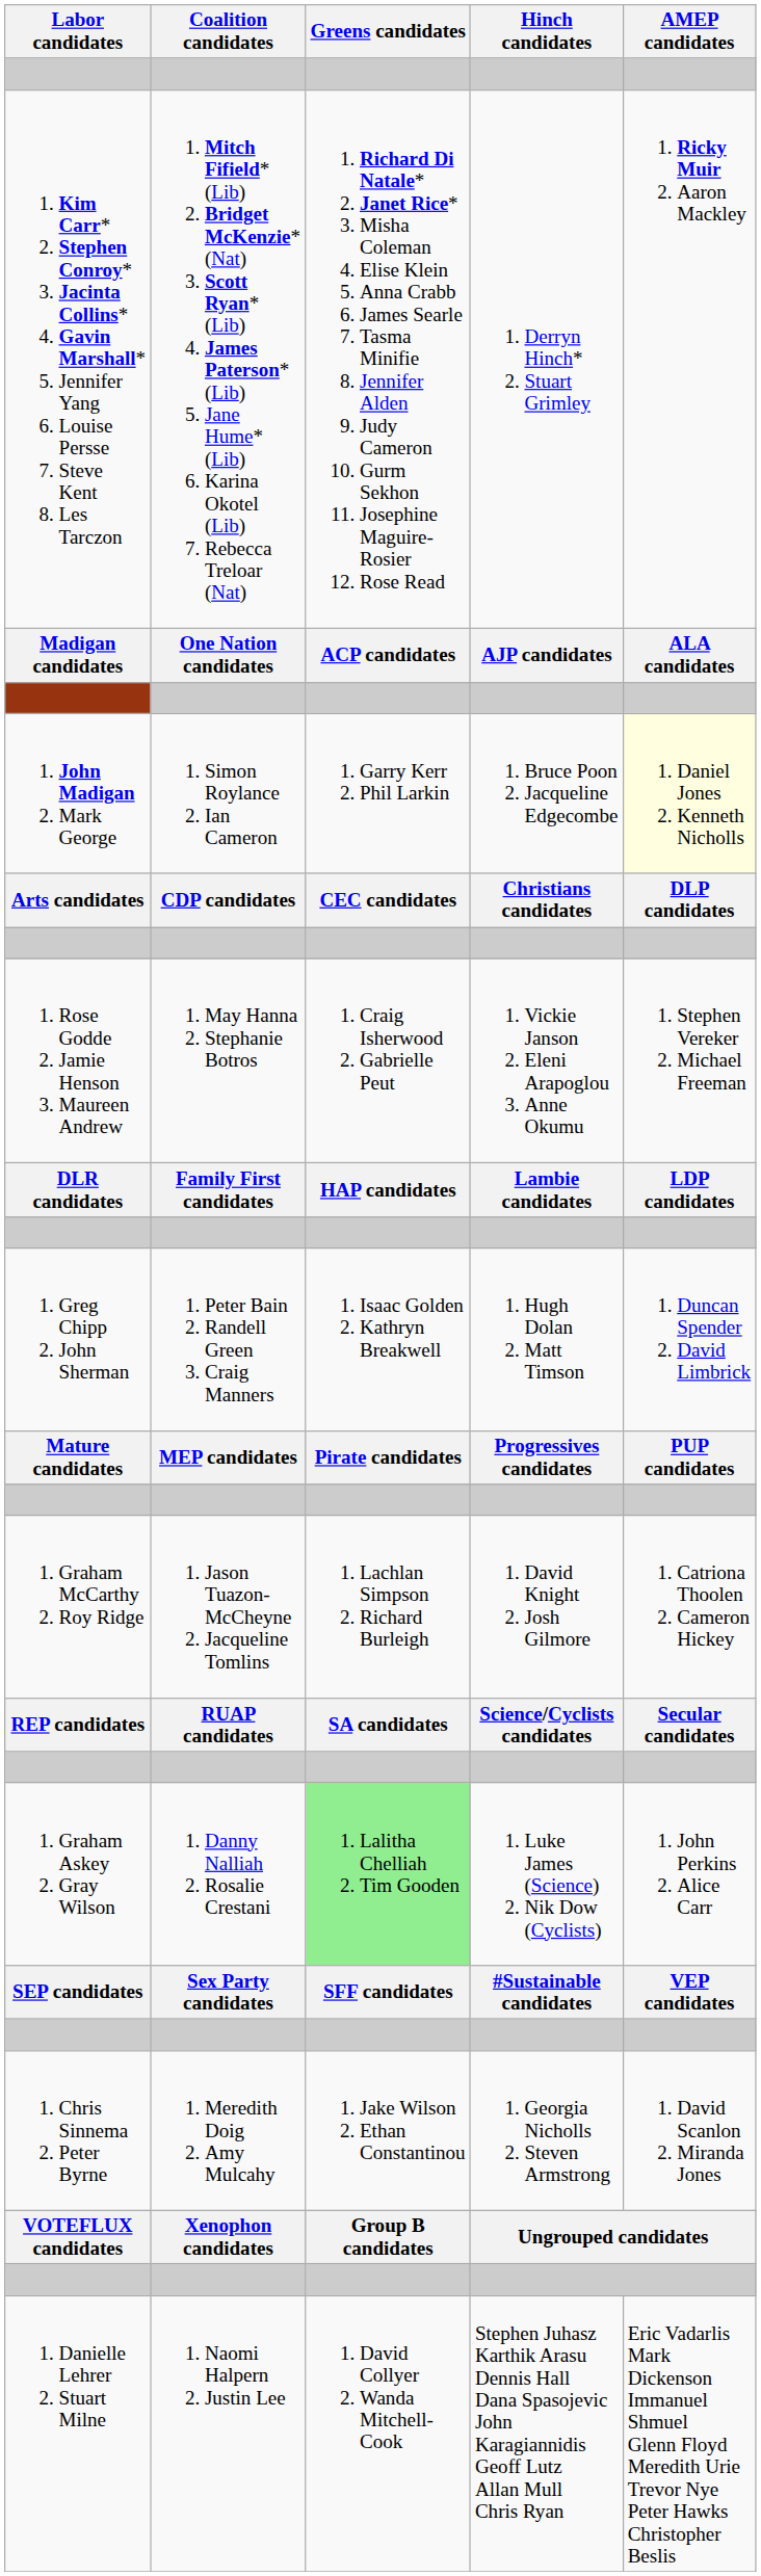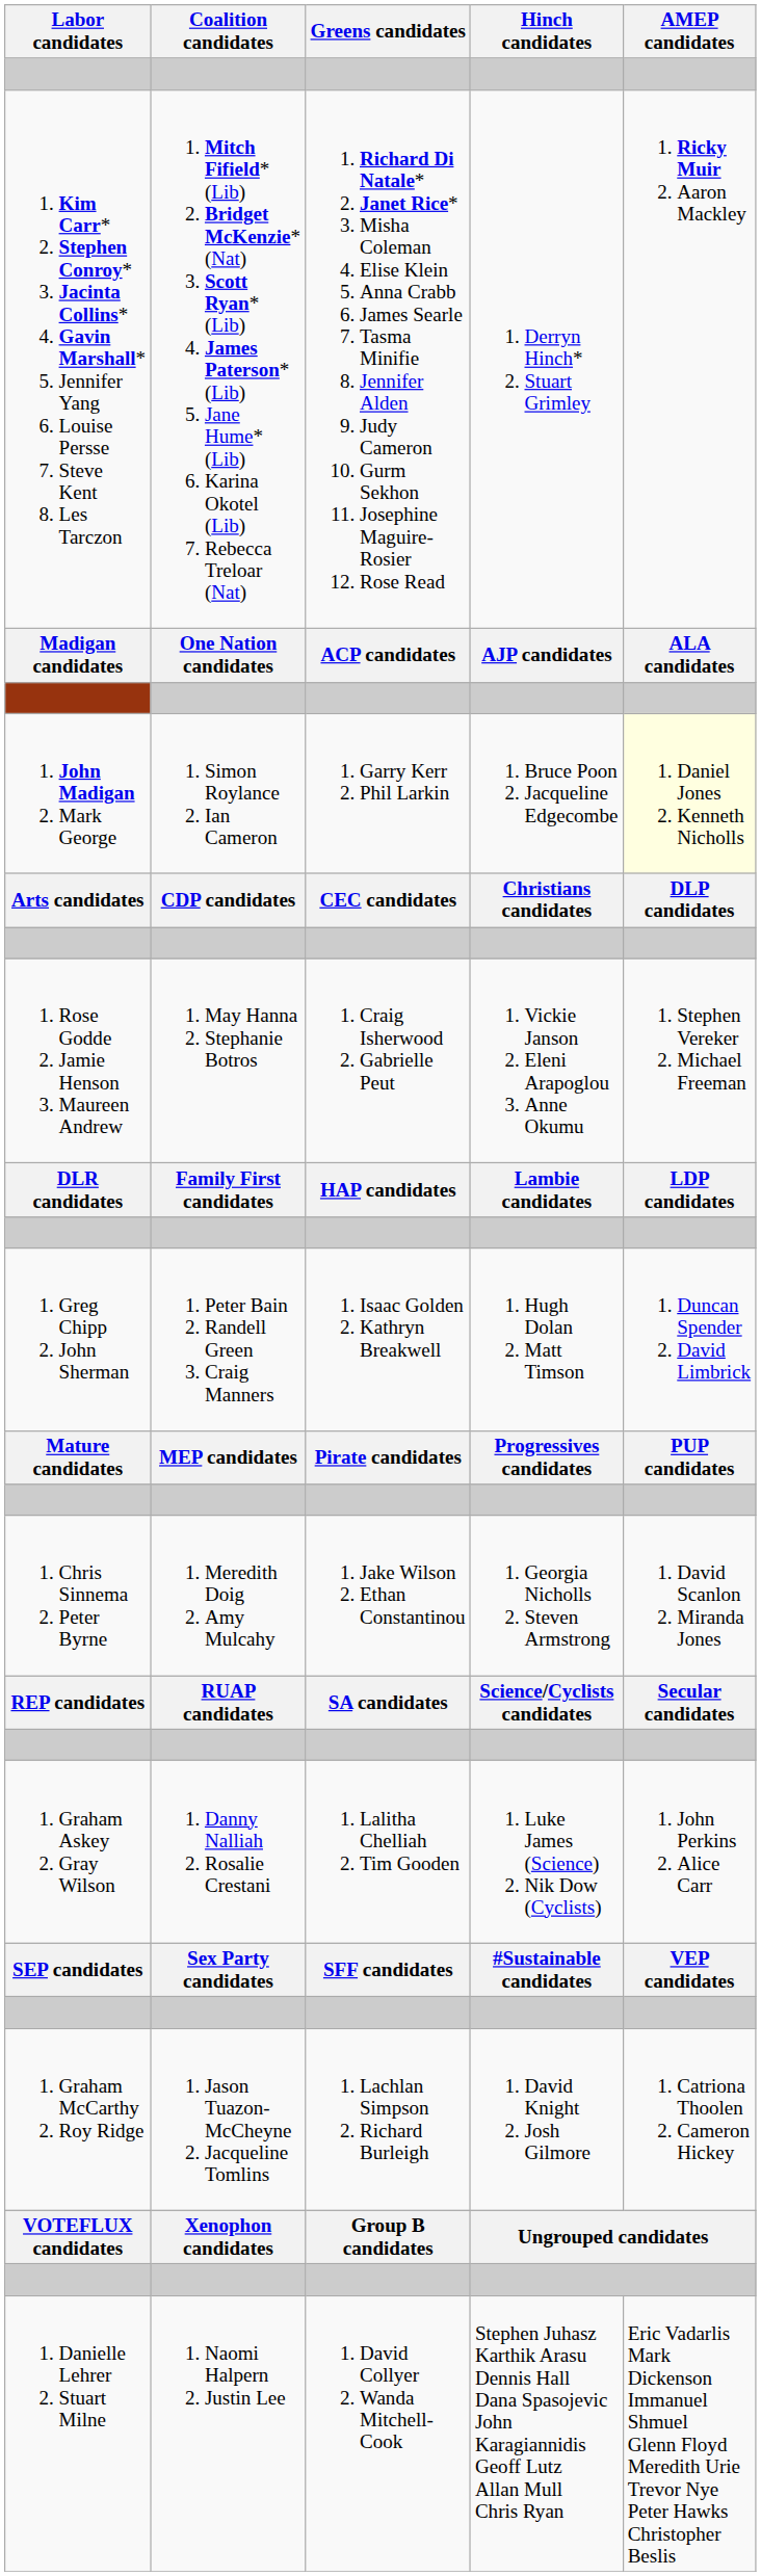 <table class="wikitable">
 <tr>
 <th><a href='#'>Labor</a> candidates</th>
 <th><a href='#'>Coalition</a> candidates</th>
 <th><a href='#'>Greens</a> candidates</th>
 <th><a href='#'>Hinch</a> candidates</th>
 <th><a href='#'>AMEP</a> candidates</th>
 </tr>
 <tr style="background:#ccc;">
 <td></td>
 <td></td>
 <td></td>
 <td> </td>
 <td></td>
 </tr>
 <tr>
 <td><br><ol><li><strong><a href='#'>Kim Carr</a></strong>*</li><li><strong><a href='#'>Stephen Conroy</a></strong>*</li><li><strong><a href='#'>Jacinta Collins</a></strong>*</li><li><strong><a href='#'>Gavin Marshall</a></strong>*</li><li>Jennifer Yang</li><li>Louise Persse</li><li>Steve Kent</li><li>Les Tarczon</li></ol></td>
 <td><br><ol><li><strong><a href='#'>Mitch Fifield</a></strong>* (<a href='#'>Lib</a>)</li><li><strong><a href='#'>Bridget McKenzie</a></strong>* (<a href='#'>Nat</a>)</li><li><strong><a href='#'>Scott Ryan</a></strong>* (<a href='#'>Lib</a>)</li><li><strong><a href='#'>James Paterson</a></strong>* (<a href='#'>Lib</a>)</li><li><a href='#'>Jane Hume</a>* (<a href='#'>Lib</a>)</li><li>Karina Okotel (<a href='#'>Lib</a>)</li><li>Rebecca Treloar (<a href='#'>Nat</a>)</li></ol></td>
 <td><br><ol><li><strong><a href='#'>Richard Di Natale</a></strong>*</li><li><strong><a href='#'>Janet Rice</a></strong>*</li><li>Misha Coleman</li><li>Elise Klein</li><li>Anna Crabb</li><li>James Searle</li><li>Tasma Minifie</li><li><a href='#'>Jennifer Alden</a></li><li>Judy Cameron</li><li>Gurm Sekhon</li><li>Josephine Maguire-Rosier</li><li>Rose Read</li></ol></td>
 <td><br><ol><li><a href='#'>Derryn Hinch</a>*</li><li><a href='#'>Stuart Grimley</a></li></ol></td>
 <td valign=top><br><ol><li><strong><a href='#'>Ricky Muir</a></strong></li><li>Aaron Mackley</li></ol></td>
 </tr>
 <tr style="background:#ccc;">
 <th><a href='#'>Madigan</a> candidates</th>
 <th><a href='#'>One Nation</a> candidates</th>
 <th><a href='#'>ACP</a> candidates</th>
 <th><a href='#'>AJP</a> candidates</th>
 <th><a href='#'>ALA</a> candidates</th>
 </tr>
 <tr style="background:#ccc;">
 <td bgcolor="#97330E">  </td>
 <td> </td>
 <td> </td>
 <td> </td>
 <td> </td>
 </tr>
 <tr>
 <td valign=top><br><ol><li><strong><a href='#'>John Madigan</a></strong></li><li>Mark George</li></ol></td>
 <td valign=top><br><ol><li>Simon Roylance</li><li>Ian Cameron</li></ol></td>
 <td valign=top><br><ol><li>Garry Kerr</li><li>Phil Larkin</li></ol></td>
 <td valign=top><br><ol><li>Bruce Poon</li><li>Jacqueline Edgecombe</li></ol></td>
 <td valign=top style="background: lightyellow;"><br><ol><li>Daniel Jones</li><li>Kenneth Nicholls</li></ol></td>
 </tr>
 <tr style="background:#ccc;">
 <th><a href='#'>Arts</a> candidates</th>
 <th><a href='#'>CDP</a> candidates</th>
 <th><a href='#'>CEC</a> candidates</th>
 <th><a href='#'>Christians</a> candidates</th>
 <th><a href='#'>DLP</a> candidates</th>
 </tr>
 <tr style="background:#ccc;">
 <td> </td>
 <td> </td>
 <td> </td>
 <td> </td>
 <td> </td>
 </tr>
 <tr>
 <td valign=top><br><ol><li>Rose Godde</li><li>Jamie Henson</li><li>Maureen Andrew</li></ol></td>
 <td valign=top><br><ol><li>May Hanna</li><li>Stephanie Botros</li></ol></td>
 <td valign=top><br><ol><li>Craig Isherwood</li><li>Gabrielle Peut</li></ol></td>
 <td valign=top><br><ol><li>Vickie Janson</li><li>Eleni Arapoglou</li><li>Anne Okumu</li></ol></td>
 <td valign=top><br><ol><li>Stephen Vereker</li><li>Michael Freeman</li></ol></td>
 </tr>
 <tr style="background:#ccc;">
 <th><a href='#'>DLR</a> candidates</th>
 <th><a href='#'>Family First</a> candidates</th>
 <th><a href='#'>HAP</a> candidates</th>
 <th><a href='#'>Lambie</a> candidates</th>
 <th><a href='#'>LDP</a> candidates</th>
 </tr>
 <tr style="background:#ccc;">
 <td> </td>
 <td> </td>
 <td> </td>
 <td> </td>
 <td> </td>
 </tr>
 <tr>
 <td valign=top><br><ol><li>Greg Chipp</li><li>John Sherman</li></ol></td>
 <td valign=top><br><ol><li>Peter Bain</li><li>Randell Green</li><li>Craig Manners</li></ol></td>
 <td valign=top><br><ol><li>Isaac Golden</li><li>Kathryn Breakwell</li></ol></td>
 <td valign=top><br><ol><li>Hugh Dolan</li><li>Matt Timson</li></ol></td>
 <td valign=top><br><ol><li><a href='#'>Duncan Spender</a></li><li><a href='#'>David Limbrick</a></li></ol></td>
 </tr>
 <tr style="background:#ccc;">
 <th><a href='#'>Mature</a> candidates</th>
 <th><a href='#'>MEP</a> candidates</th>
 <th><a href='#'>Pirate</a> candidates</th>
 <th><a href='#'>Progressives</a> candidates</th>
 <th><a href='#'>PUP</a> candidates</th>
 </tr>
 <tr style="background:#ccc;">
 <td> </td>
 <td> </td>
 <td> </td>
 <td> </td>
 <td> </td>
 </tr>
 <tr>
-<td valign=top><br><ol><li>Graham McCarthy</li><li>Roy Ridge</li></ol></td>
-<td valign=top><br><ol><li>Jason Tuazon-McCheyne</li><li>Jacqueline Tomlins</li></ol></td>
-<td valign=top><br><ol><li>Lachlan Simpson</li><li>Richard Burleigh</li></ol></td>
-<td valign=top><br><ol><li>David Knight</li><li>Josh Gilmore</li></ol></td>
-<td valign=top><br><ol><li>Catriona Thoolen</li><li>Cameron Hickey</li></ol></td>
+<td valign=top><br><ol><li>Chris Sinnema</li><li>Peter Byrne</li></ol></td>
+<td valign=top><br><ol><li>Meredith Doig</li><li>Amy Mulcahy</li></ol></td>
+<td valign=top><br><ol><li>Jake Wilson</li><li>Ethan Constantinou</li></ol></td>
+<td valign=top><br><ol><li>Georgia Nicholls</li><li>Steven Armstrong</li></ol></td>
+<td valign=top><br><ol><li>David Scanlon</li><li>Miranda Jones</li></ol></td>
 </tr>
 <tr style="background:#ccc;">
 <th><a href='#'>REP</a> candidates</th>
 <th><a href='#'>RUAP</a> candidates</th>
 <th><a href='#'>SA</a> candidates</th>
 <th><a href='#'>Science</a>/<a href='#'>Cyclists</a> candidates</th>
 <th><a href='#'>Secular</a> candidates</th>
 </tr>
 <tr style="background:#ccc;">
 <td> </td>
 <td> </td>
 <td> </td>
 <td> </td>
 <td> </td>
 </tr>
 <tr>
 <td valign=top><br><ol><li>Graham Askey</li><li>Gray Wilson</li></ol></td>
 <td valign=top><br><ol><li><a href='#'>Danny Nalliah</a></li><li>Rosalie Crestani</li></ol></td>
-<td valign=top style="background: lightgreen;"><br><ol><li>Lalitha Chelliah</li><li>Tim Gooden</li></ol></td>
+<td valign=top><br><ol><li>Lalitha Chelliah</li><li>Tim Gooden</li></ol></td>
 <td valign=top><br><ol><li>Luke James (<a href='#'>Science</a>)</li><li>Nik Dow (<a href='#'>Cyclists</a>)</li></ol></td>
 <td valign=top><br><ol><li>John Perkins</li><li>Alice Carr</li></ol></td>
 </tr>
 <tr style="background:#ccc;">
 <th><a href='#'>SEP</a> candidates</th>
 <th><a href='#'>Sex Party</a> candidates</th>
 <th><a href='#'>SFF</a> candidates</th>
 <th><a href='#'>#Sustainable</a> candidates</th>
 <th><a href='#'>VEP</a> candidates</th>
 </tr>
 <tr style="background:#ccc;">
 <td> </td>
 <td> </td>
 <td> </td>
 <td> </td>
 <td> </td>
 </tr>
 <tr>
-<td valign=top><br><ol><li>Chris Sinnema</li><li>Peter Byrne</li></ol></td>
-<td valign=top><br><ol><li>Meredith Doig</li><li>Amy Mulcahy</li></ol></td>
-<td valign=top><br><ol><li>Jake Wilson</li><li>Ethan Constantinou</li></ol></td>
-<td valign=top><br><ol><li>Georgia Nicholls</li><li>Steven Armstrong</li></ol></td>
-<td valign=top><br><ol><li>David Scanlon</li><li>Miranda Jones</li></ol></td>
+<td valign=top><br><ol><li>Graham McCarthy</li><li>Roy Ridge</li></ol></td>
+<td valign=top><br><ol><li>Jason Tuazon-McCheyne</li><li>Jacqueline Tomlins</li></ol></td>
+<td valign=top><br><ol><li>Lachlan Simpson</li><li>Richard Burleigh</li></ol></td>
+<td valign=top><br><ol><li>David Knight</li><li>Josh Gilmore</li></ol></td>
+<td valign=top><br><ol><li>Catriona Thoolen</li><li>Cameron Hickey</li></ol></td>
 </tr>
 <tr style="background:#ccc;">
 <th><a href='#'>VOTEFLUX</a> candidates</th>
 <th><a href='#'>Xenophon</a> candidates</th>
 <th>Group B candidates</th>
 <th colspan=2>Ungrouped candidates</th>
 </tr>
 <tr style="background:#ccc;">
 <td> </td>
 <td> </td>
 <td> </td>
 <td colspan=2> </td>
 </tr>
 <tr>
 <td valign=top><br><ol><li>Danielle Lehrer</li><li>Stuart Milne</li></ol></td>
 <td valign=top><br><ol><li>Naomi Halpern</li><li>Justin Lee</li></ol></td>
 <td valign=top><br><ol><li>David Collyer</li><li>Wanda Mitchell-Cook</li></ol></td>
 <td valign=top><br>Stephen Juhasz<br> Karthik Arasu<br> Dennis Hall<br> Dana Spasojevic<br> John Karagiannidis<br> Geoff Lutz<br> Allan Mull<br> Chris Ryan</td>
 <td valign=top><br>Eric Vadarlis<br> Mark Dickenson<br> Immanuel Shmuel<br> Glenn Floyd<br> Meredith Urie<br> Trevor Nye<br> Peter Hawks<br> Christopher Beslis</td>
 </tr>
 </table>
